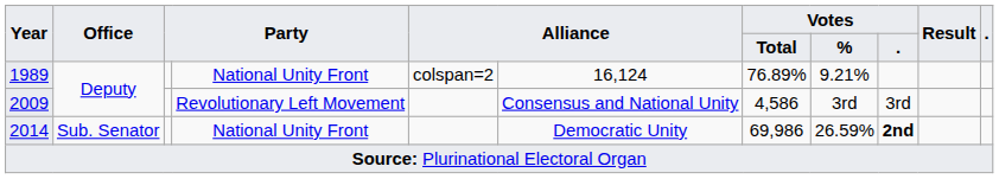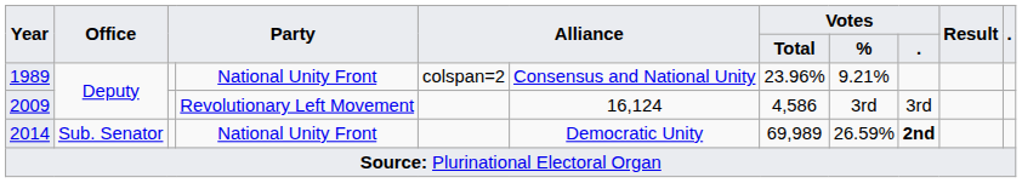 <table class="wikitable" style="font-size:90%; text-align:center;">
 <tr>
 <th style="background-color:#EAECF0;" rowspan=2>Year</th>
 <th style="background-color:#EAECF0;" rowspan=2>Office</th>
 <th style="background-color:#EAECF0;" colspan=2 rowspan=2>Party</th>
 <th style="background-color:#EAECF0;" colspan=2 rowspan=2>Alliance</th>
 <th style="background-color:#EAECF0;" colspan=3>Votes</th>
 <th style="background-color:#EAECF0;" rowspan=2>Result</th>
 <th style="background-color:#EAECF0;" rowspan=2>.</th>
 </tr>
 <tr>
 <th style="background-color:#EAECF0;">Total</th>
 <th style="background-color:#EAECF0;">%</th>
 <th style="background-color:#EAECF0;">.</th>
 </tr>
 <tr>
 <td style="background-color:#EAECF0;"><a href='#'>1989</a></td>
 <td rowspan=2><a href='#'>Deputy</a></td>
 <td style="background-color:"></td>
 <td><a href='#'>National Unity Front</a></td>
 <td>colspan=2 </td>
-<td>16,124</td>
-<td>76.89%</td>
+<td><a href='#'>Consensus and National Unity</a></td>
+<td>23.96%</td>
 <td>9.21%</td>
 <td></td>
 <td></td>
 </tr>
 <tr>
 <td style="background-color:#EAECF0;"><a href='#'>2009</a></td>
 <td style="background-color:"></td>
 <td><a href='#'>Revolutionary Left Movement</a></td>
 <td style="background-color:"></td>
-<td><a href='#'>Consensus and National Unity</a></td>
+<td>16,124</td>
 <td>4,586</td>
 <td>3rd</td>
 <td>3rd</td>
 <td></td>
 <td></td>
 </tr>
 <tr>
 <td style="background-color:#EAECF0;"><a href='#'>2014</a></td>
 <td><a href='#'>Sub. Senator</a></td>
 <td style="background-color:"></td>
 <td><a href='#'>National Unity Front</a></td>
 <td style="background-color:"></td>
 <td><a href='#'>Democratic Unity</a></td>
-<td>69,986</td>
+<td>69,989</td>
 <td>26.59%</td>
 <td><strong>2nd</strong></td>
 <td></td>
 <td></td>
 </tr>
 <tr>
 <td style="background-color:#EAECF0;" colspan=11><strong>Source:</strong> <a href='#'>Plurinational Electoral Organ</a>  </td>
 </tr>
 </table>
